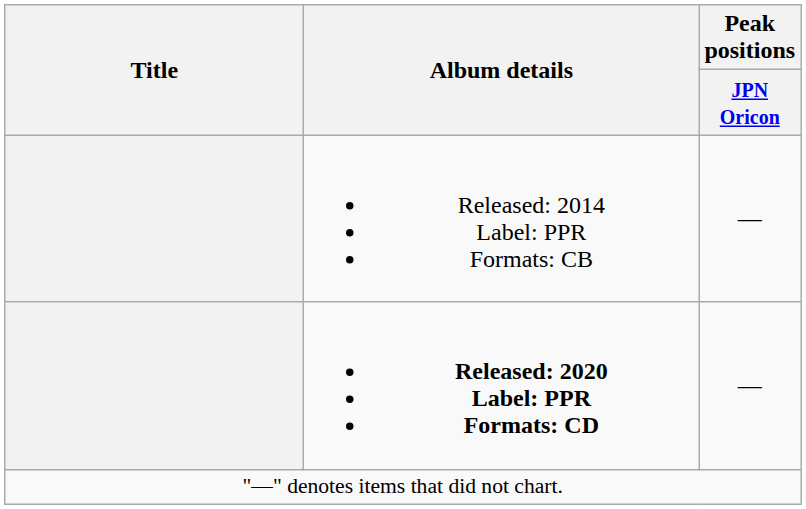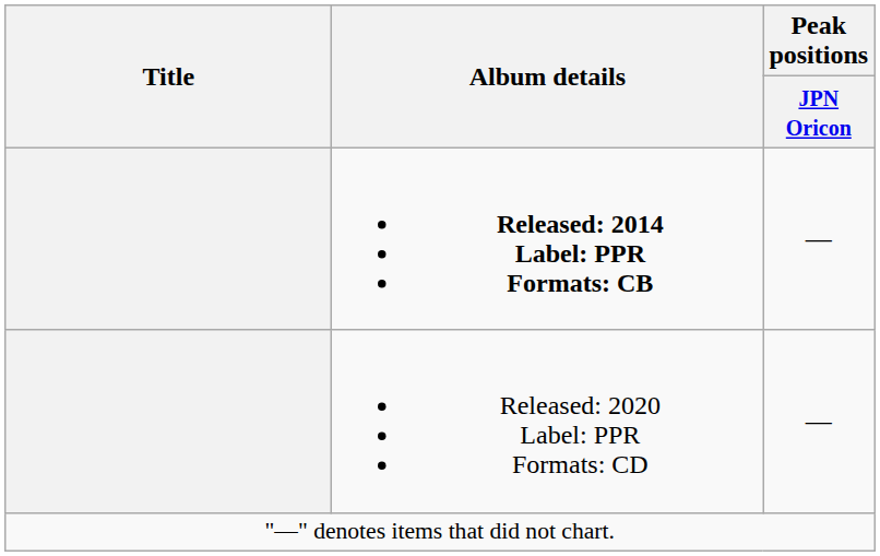 <table class="wikitable plainrowheaders" style="text-align:center;">
 <tr>
 <th style="width:12em;" rowspan="2">Title</th>
 <th style="width:16em;" rowspan="2">Album details</th>
 <th>Peak positions</th>
 </tr>
 <tr>
 <th style="width:2.5em;"><small><a href='#'>JPN<br>Oricon</a></small><br></th>
 </tr>
 <tr>
 <th scope="row"></th>
-<td><br><ul><li>Released: 2014 </li><li>Label: PPR</li><li>Formats: СВ </li></ul></td>
+<td><strong><br><ul><li>Released: 2014 </li><li>Label: PPR</li><li>Formats: СВ </li></ul></strong></td>
 <td>—</td>
 </tr>
 <tr>
 <th scope="row"></th>
-<td><strong><br><ul><li>Released: 2020 </li><li>Label: PPR</li><li>Formats: CD </li></ul></strong></td>
+<td><br><ul><li>Released: 2020 </li><li>Label: PPR</li><li>Formats: CD </li></ul></td>
 <td>—</td>
 </tr>
 <tr>
 <td colspan="12" align="center" style="font-size:90%;">"—" denotes items that did not chart.</td>
 </tr>
 </table>
